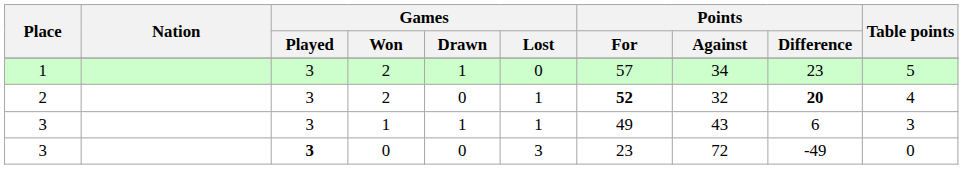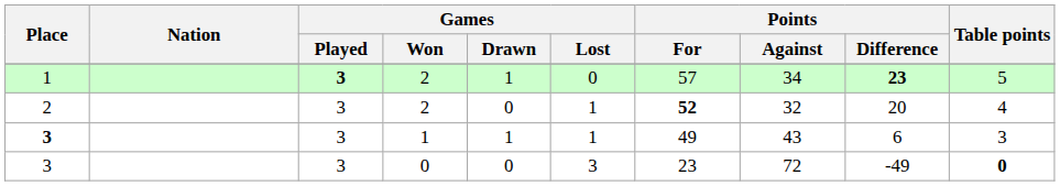 <table class="wikitable">
 <tr>
 <th rowspan="2" width="8%">Place</th>
 <th rowspan="2" width="20%">Nation</th>
 <th colspan="4" width="32%">Games</th>
 <th colspan="3" width="30%">Points</th>
 <th rowspan="2" width="10%">Table points</th>
 </tr>
 <tr>
 <th width="8%">Played</th>
 <th width="8%">Won</th>
 <th width="8%">Drawn</th>
 <th width="8%">Lost</th>
 <th width="10%">For</th>
 <th width="10%">Against</th>
 <th width="10%">Difference</th>
 </tr>
 <tr>
 </tr>
 <tr align="center" bgcolor="#ccffcc">
 <td>1</td>
 <td align="left"><strong></strong></td>
-<td>3</td>
+<td><strong>3</strong></td>
 <td>2</td>
 <td>1</td>
 <td>0</td>
 <td>57</td>
 <td>34</td>
-<td>23</td>
+<td><strong>23</strong></td>
 <td>5</td>
 </tr>
 <tr align="center" bgcolor="#ffffff">
 <td>2</td>
 <td align="left"></td>
 <td>3</td>
 <td>2</td>
 <td>0</td>
 <td>1</td>
 <td><strong>52</strong></td>
 <td>32</td>
-<td><strong>20</strong></td>
+<td>20</td>
 <td>4</td>
 </tr>
 <tr align="center" bgcolor="#ffffff">
-<td>3</td>
+<td><strong>3</strong></td>
 <td align="left"></td>
 <td>3</td>
 <td>1</td>
 <td>1</td>
 <td>1</td>
 <td>49</td>
 <td>43</td>
 <td>6</td>
 <td>3</td>
 </tr>
 <tr align="center" bgcolor="#ffffff">
 <td>3</td>
 <td align="left"></td>
-<td><strong>3</strong></td>
+<td>3</td>
 <td>0</td>
 <td>0</td>
 <td>3</td>
 <td>23</td>
 <td>72</td>
 <td>-49</td>
-<td>0</td>
+<td><strong>0</strong></td>
 </tr>
 </table>
